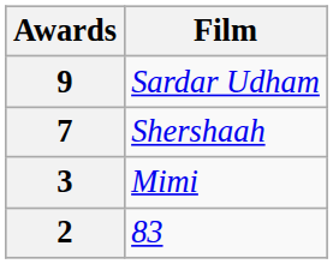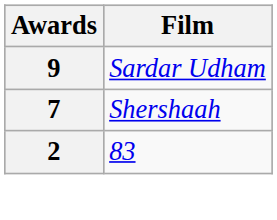 <table class="wikitable" style="display:inline-table;">
 <tr>
 <th>Awards</th>
 <th>Film</th>
 </tr>
 <tr>
 <th scope=row>9</th>
 <td><em><a href='#'>Sardar Udham</a></em></td>
 </tr>
 <tr>
 <th>7</th>
 <td><em><a href='#'>Shershaah</a></em></td>
 </tr>
 <tr>
-<th>3</th>
-<td><em><a href='#'>Mimi</a></em></td>
-</tr>
-<tr>
 <th>2</th>
 <td><em><a href='#'>83</a></em></td>
 </tr>
 </table>
